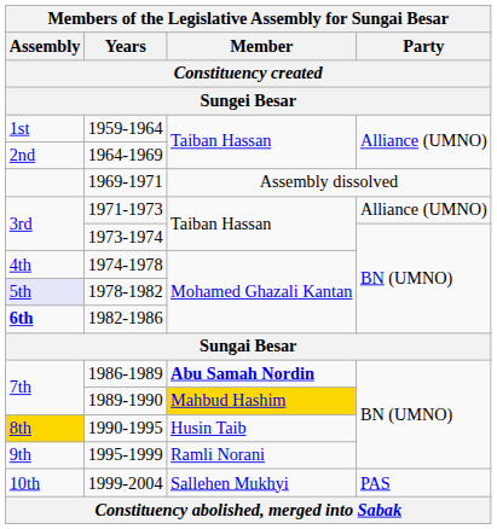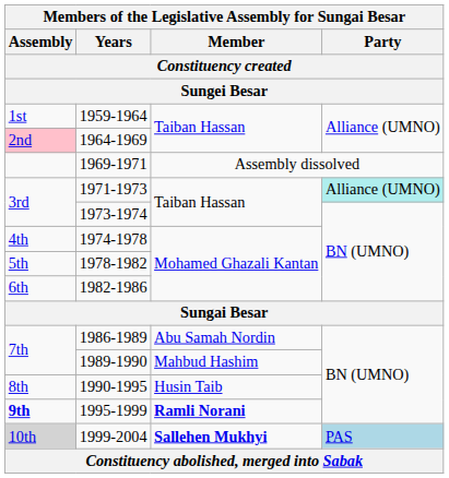 <table class=wikitable>
 <tr>
 <th colspan=4>Members of the Legislative Assembly for Sungai Besar</th>
 </tr>
 <tr>
 <th>Assembly</th>
 <th>Years</th>
 <th>Member</th>
 <th>Party</th>
 </tr>
 <tr>
 <th colspan=4 align=center><em>Constituency created</em></th>
 </tr>
 <tr>
 <th colspan=4 align=center>Sungei Besar</th>
 </tr>
 <tr>
 <td><a href='#'>1st</a></td>
 <td>1959-1964</td>
 <td rowspan=2><a href='#'>Taiban Hassan</a></td>
 <td rowspan=2><a href='#'>Alliance</a> (UMNO)</td>
 </tr>
 <tr>
-<td><a href='#'>2nd</a></td>
+<td style="background: pink;"><a href='#'>2nd</a></td>
 <td>1964-1969</td>
 </tr>
 <tr>
 <td></td>
 <td>1969-1971</td>
 <td colspan=2 align=center>Assembly dissolved</td>
 </tr>
 <tr>
 <td rowspan=2><a href='#'>3rd</a></td>
 <td>1971-1973</td>
 <td rowspan=2>Taiban Hassan</td>
-<td>Alliance (UMNO)</td>
+<td style="background: paleturquoise;">Alliance (UMNO)</td>
 </tr>
 <tr>
 <td>1973-1974</td>
 <td rowspan=4><a href='#'>BN</a> (UMNO)</td>
 </tr>
 <tr>
 <td><a href='#'>4th</a></td>
 <td>1974-1978</td>
 <td rowspan=3><a href='#'>Mohamed Ghazali Kantan</a></td>
 </tr>
 <tr>
-<td style="background: lavender;"><a href='#'>5th</a></td>
+<td><a href='#'>5th</a></td>
 <td>1978-1982</td>
 </tr>
 <tr>
-<td><strong><a href='#'>6th</a></strong></td>
+<td><a href='#'>6th</a></td>
 <td>1982-1986</td>
 </tr>
 <tr>
 <th colspan=4 align=center>Sungai Besar</th>
 </tr>
 <tr>
 <td rowspan=2><a href='#'>7th</a></td>
 <td>1986-1989</td>
-<td><strong><a href='#'>Abu Samah Nordin</a></strong></td>
+<td><a href='#'>Abu Samah Nordin</a></td>
 <td rowspan=4>BN (UMNO)</td>
 </tr>
 <tr>
 <td>1989-1990</td>
-<td style="background: gold;"><a href='#'>Mahbud Hashim</a></td>
+<td><a href='#'>Mahbud Hashim</a></td>
 </tr>
 <tr>
-<td style="background: gold;"><a href='#'>8th</a></td>
+<td><a href='#'>8th</a></td>
 <td>1990-1995</td>
 <td><a href='#'>Husin Taib</a></td>
 </tr>
 <tr>
-<td><a href='#'>9th</a></td>
+<td><strong><a href='#'>9th</a></strong></td>
 <td>1995-1999</td>
-<td><a href='#'>Ramli Norani</a></td>
+<td><strong><a href='#'>Ramli Norani</a></strong></td>
 </tr>
 <tr>
-<td><a href='#'>10th</a></td>
+<td style="background: lightgrey;"><a href='#'>10th</a></td>
 <td>1999-2004</td>
-<td><a href='#'>Sallehen Mukhyi</a></td>
-<td><a href='#'>PAS</a></td>
+<td><strong><a href='#'>Sallehen Mukhyi</a></strong></td>
+<td style="background: lightblue;"><a href='#'>PAS</a></td>
 </tr>
 <tr>
 <th colspan=4 align=center><em>Constituency abolished, merged into <a href='#'>Sabak</a></em></th>
 </tr>
 </table>
